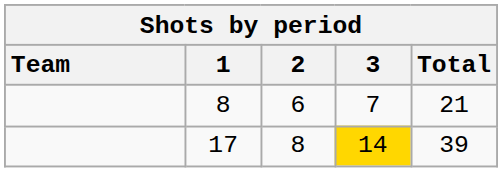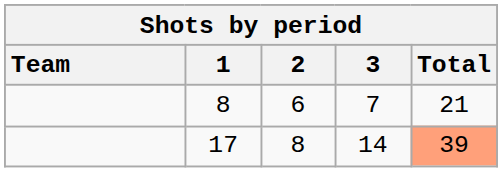 <table class="wikitable" style="width:20em; text-align:right;">
 <tr>
 <th colspan="6">Shots by period</th>
 </tr>
 <tr>
 <th style="width:8em; text-align:left;">Team</th>
 <th style="width:3em;">1</th>
 <th style="width:3em;">2</th>
 <th style="width:3em;">3</th>
 <th style="width:3em;">Total</th>
 </tr>
 <tr style="text-align:center;">
 <td style="text-align:left;"></td>
 <td>8</td>
 <td>6</td>
 <td>7</td>
 <td>21</td>
 </tr>
 <tr style="text-align:center;">
 <td style="text-align:left;"></td>
 <td>17</td>
 <td>8</td>
-<td style="background: gold;">14</td>
-<td>39</td>
+<td>14</td>
+<td style="background: lightsalmon;">39</td>
 </tr>
 </table>
